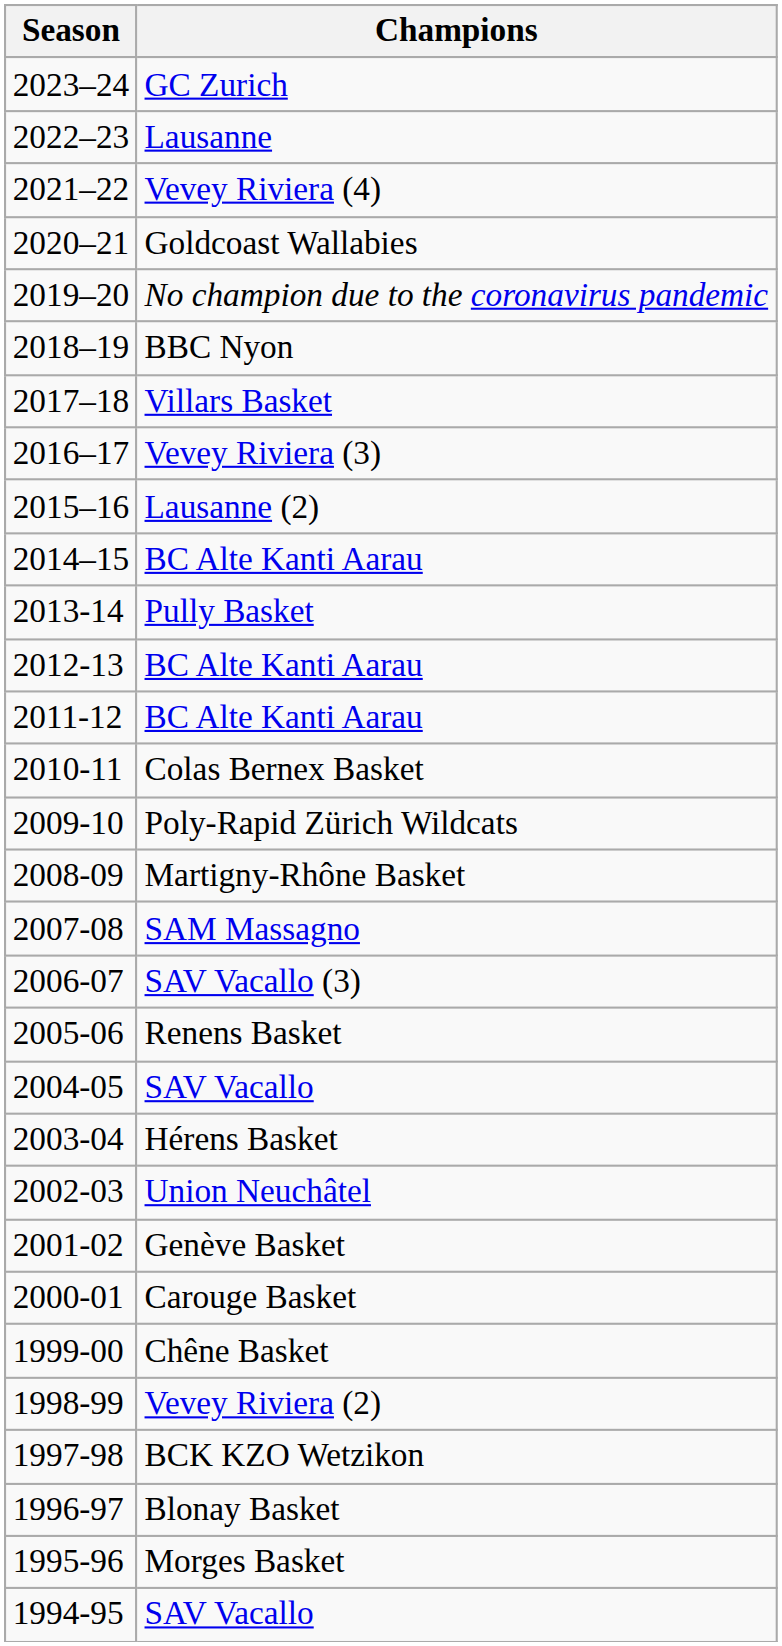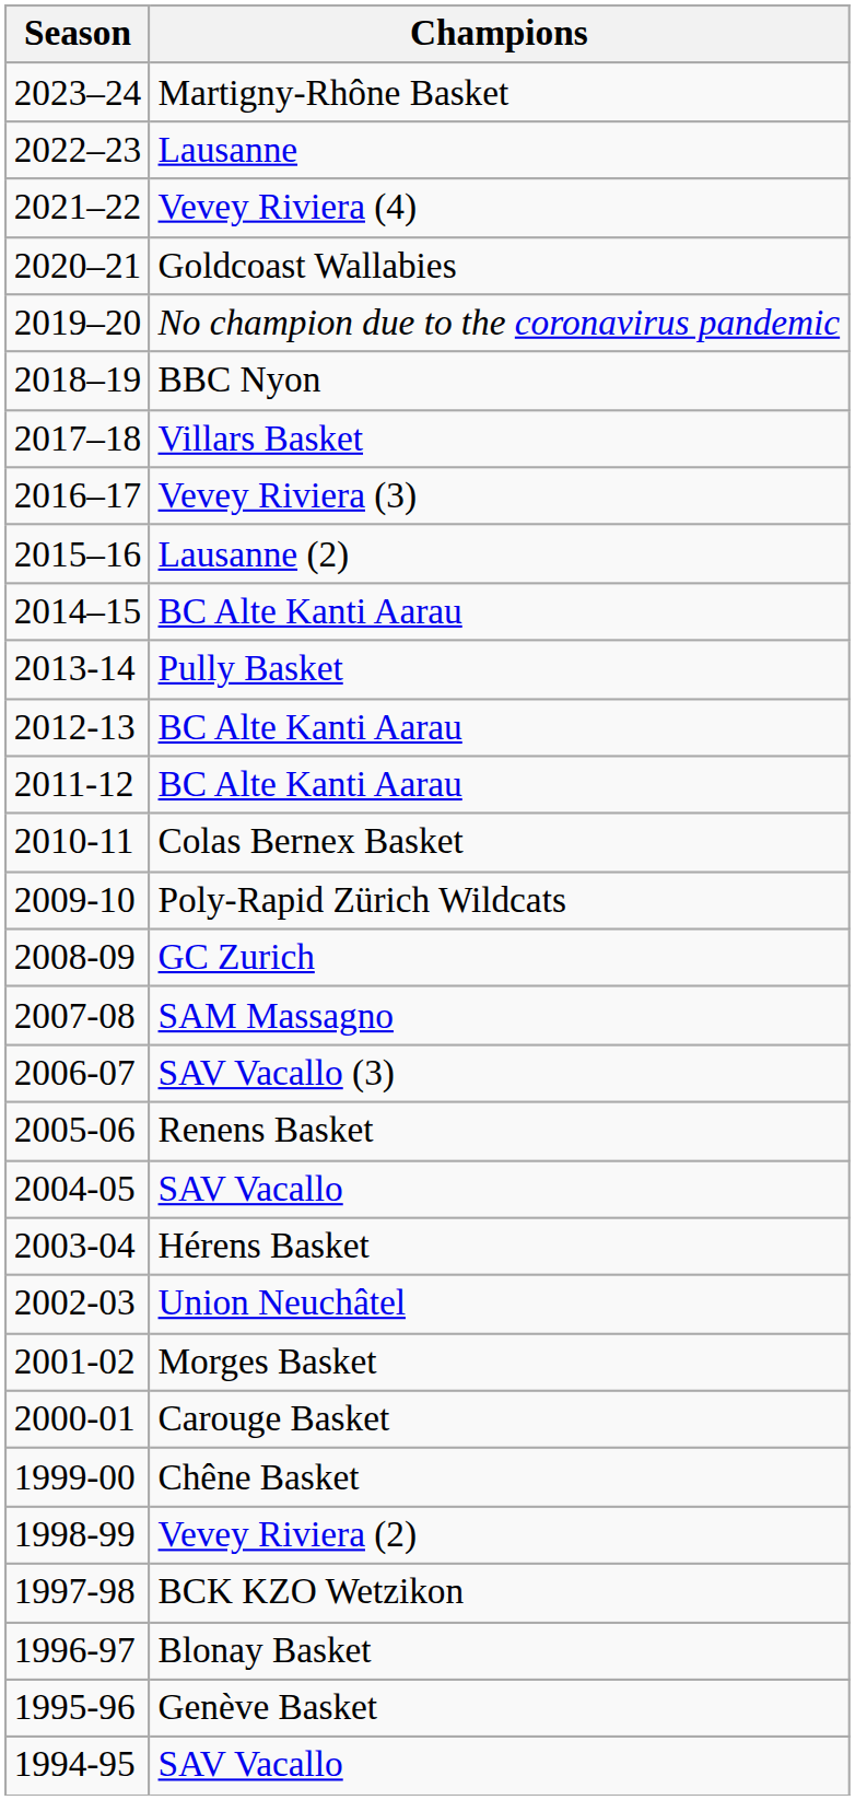 <table class="wikitable">
 <tr>
 <th>Season</th>
 <th>Champions</th>
 </tr>
 <tr>
 <td>2023–24</td>
-<td><a href='#'>GC Zurich</a></td>
+<td>Martigny-Rhône Basket</td>
 </tr>
 <tr>
 <td>2022–23</td>
 <td><a href='#'>Lausanne</a></td>
 </tr>
 <tr>
 <td>2021–22</td>
 <td><a href='#'>Vevey Riviera</a> (4)</td>
 </tr>
 <tr>
 <td>2020–21</td>
 <td>Goldcoast Wallabies</td>
 </tr>
 <tr>
 <td>2019–20</td>
 <td><em>No champion due to the <a href='#'>coronavirus pandemic</a></em></td>
 </tr>
 <tr>
 <td>2018–19</td>
 <td>BBC Nyon</td>
 </tr>
 <tr>
 <td>2017–18</td>
 <td><a href='#'>Villars Basket</a></td>
 </tr>
 <tr>
 <td>2016–17</td>
 <td><a href='#'>Vevey Riviera</a> (3)</td>
 </tr>
 <tr>
 <td>2015–16</td>
 <td><a href='#'>Lausanne</a> (2)</td>
 </tr>
 <tr>
 <td>2014–15</td>
 <td><a href='#'>BC Alte Kanti Aarau</a></td>
 </tr>
 <tr>
 <td>2013-14</td>
 <td><a href='#'>Pully Basket</a></td>
 </tr>
 <tr>
 <td>2012-13</td>
 <td><a href='#'>BC Alte Kanti Aarau</a></td>
 </tr>
 <tr>
 <td>2011-12</td>
 <td><a href='#'>BC Alte Kanti Aarau</a></td>
 </tr>
 <tr>
 <td>2010-11</td>
 <td>Colas Bernex Basket</td>
 </tr>
 <tr>
 <td>2009-10</td>
 <td>Poly-Rapid Zürich Wildcats</td>
 </tr>
 <tr>
 <td>2008-09</td>
-<td>Martigny-Rhône Basket</td>
+<td><a href='#'>GC Zurich</a></td>
 </tr>
 <tr>
 <td>2007-08</td>
 <td><a href='#'>SAM Massagno</a></td>
 </tr>
 <tr>
 <td>2006-07</td>
 <td><a href='#'>SAV Vacallo</a> (3)</td>
 </tr>
 <tr>
 <td>2005-06</td>
 <td>Renens Basket</td>
 </tr>
 <tr>
 <td>2004-05</td>
 <td><a href='#'>SAV Vacallo</a></td>
 </tr>
 <tr>
 <td>2003-04</td>
 <td>Hérens Basket</td>
 </tr>
 <tr>
 <td>2002-03</td>
 <td><a href='#'>Union Neuchâtel</a></td>
 </tr>
 <tr>
 <td>2001-02</td>
-<td>Genève Basket</td>
+<td>Morges Basket</td>
 </tr>
 <tr>
 <td>2000-01</td>
 <td>Carouge Basket</td>
 </tr>
 <tr>
 <td>1999-00</td>
 <td>Chêne Basket</td>
 </tr>
 <tr>
 <td>1998-99</td>
 <td><a href='#'>Vevey Riviera</a> (2)</td>
 </tr>
 <tr>
 <td>1997-98</td>
 <td>BCK KZO Wetzikon</td>
 </tr>
 <tr>
 <td>1996-97</td>
 <td>Blonay Basket</td>
 </tr>
 <tr>
 <td>1995-96</td>
-<td>Morges Basket</td>
+<td>Genève Basket</td>
 </tr>
 <tr>
 <td>1994-95</td>
 <td><a href='#'>SAV Vacallo</a></td>
 </tr>
 </table>
